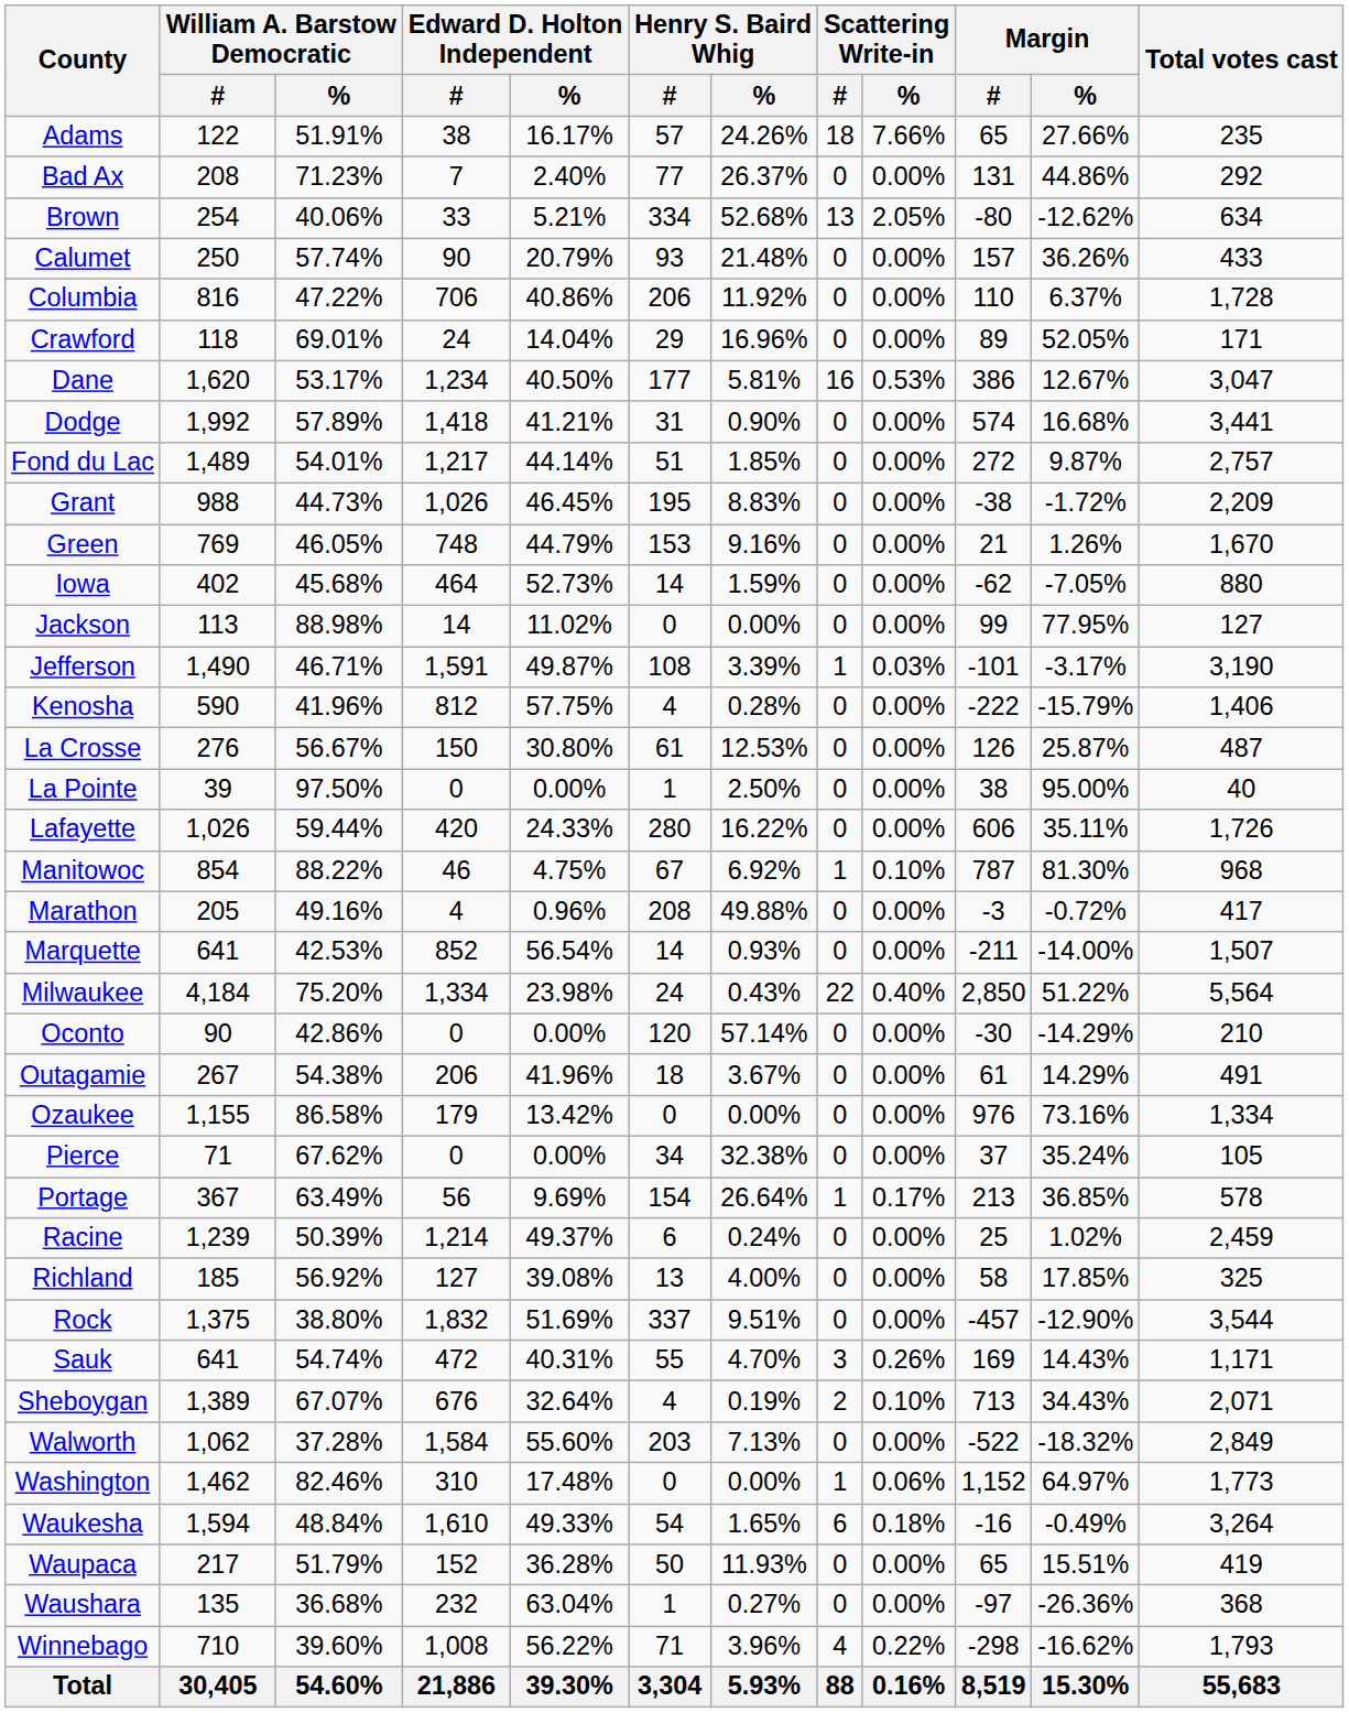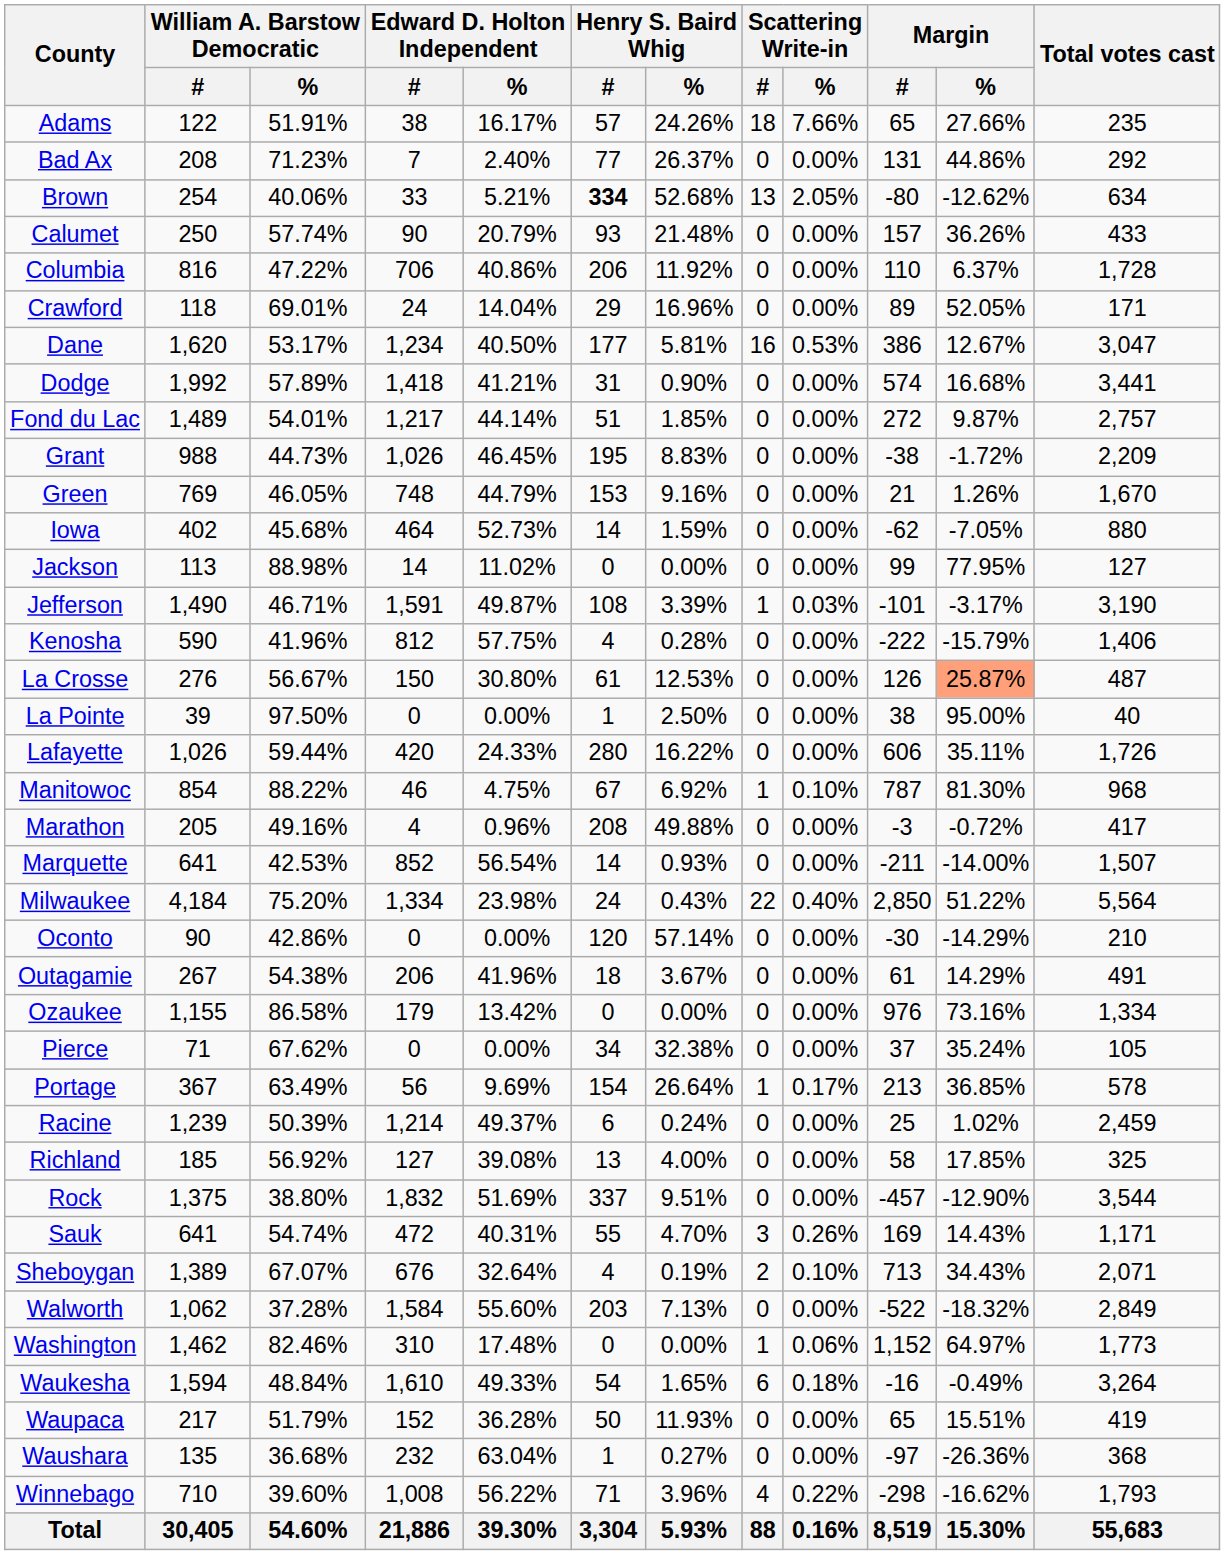 <table class="wikitable sortable" style="text-align:center">
 <tr>
 <th rowspan="2" style="text-align:center;">County</th>
 <th colspan="2" style="text-align:center;">William A. Barstow<br>Democratic</th>
 <th colspan="2" style="text-align:center;">Edward D. Holton<br>Independent</th>
 <th colspan="2" style="text-align:center;">Henry S. Baird<br>Whig</th>
 <th colspan="2" style="text-align:center;">Scattering<br>Write-in</th>
 <th colspan="2" style="text-align:center;">Margin</th>
 <th rowspan="2" style="text-align:center;">Total votes cast</th>
 </tr>
 <tr>
 <th style="text-align:center;" data-sort-type="number">#</th>
 <th style="text-align:center;" data-sort-type="number">%</th>
 <th style="text-align:center;" data-sort-type="number">#</th>
 <th style="text-align:center;" data-sort-type="number">%</th>
 <th style="text-align:center;" data-sort-type="number">#</th>
 <th style="text-align:center;" data-sort-type="number">%</th>
 <th style="text-align:center;" data-sort-type="number">#</th>
 <th style="text-align:center;" data-sort-type="number">%</th>
 <th style="text-align:center;" data-sort-type="number">#</th>
 <th style="text-align:center;" data-sort-type="number">%</th>
 </tr>
 <tr style="text-align:center;">
 <td><a href='#'>Adams</a></td>
 <td>122</td>
 <td>51.91%</td>
 <td>38</td>
 <td>16.17%</td>
 <td>57</td>
 <td>24.26%</td>
 <td>18</td>
 <td>7.66%</td>
 <td>65</td>
 <td>27.66%</td>
 <td>235</td>
 </tr>
 <tr style="text-align:center;">
 <td><a href='#'>Bad Ax</a></td>
 <td>208</td>
 <td>71.23%</td>
 <td>7</td>
 <td>2.40%</td>
 <td>77</td>
 <td>26.37%</td>
 <td>0</td>
 <td>0.00%</td>
 <td>131</td>
 <td>44.86%</td>
 <td>292</td>
 </tr>
 <tr style="text-align:center;">
 <td><a href='#'>Brown</a></td>
 <td>254</td>
 <td>40.06%</td>
 <td>33</td>
 <td>5.21%</td>
-<td>334</td>
+<td><strong>334</strong></td>
 <td>52.68%</td>
 <td>13</td>
 <td>2.05%</td>
 <td>-80</td>
 <td>-12.62%</td>
 <td>634</td>
 </tr>
 <tr style="text-align:center;">
 <td><a href='#'>Calumet</a></td>
 <td>250</td>
 <td>57.74%</td>
 <td>90</td>
 <td>20.79%</td>
 <td>93</td>
 <td>21.48%</td>
 <td>0</td>
 <td>0.00%</td>
 <td>157</td>
 <td>36.26%</td>
 <td>433</td>
 </tr>
 <tr style="text-align:center;">
 <td><a href='#'>Columbia</a></td>
 <td>816</td>
 <td>47.22%</td>
 <td>706</td>
 <td>40.86%</td>
 <td>206</td>
 <td>11.92%</td>
 <td>0</td>
 <td>0.00%</td>
 <td>110</td>
 <td>6.37%</td>
 <td>1,728</td>
 </tr>
 <tr style="text-align:center;">
 <td><a href='#'>Crawford</a></td>
 <td>118</td>
 <td>69.01%</td>
 <td>24</td>
 <td>14.04%</td>
 <td>29</td>
 <td>16.96%</td>
 <td>0</td>
 <td>0.00%</td>
 <td>89</td>
 <td>52.05%</td>
 <td>171</td>
 </tr>
 <tr style="text-align:center;">
 <td><a href='#'>Dane</a></td>
 <td>1,620</td>
 <td>53.17%</td>
 <td>1,234</td>
 <td>40.50%</td>
 <td>177</td>
 <td>5.81%</td>
 <td>16</td>
 <td>0.53%</td>
 <td>386</td>
 <td>12.67%</td>
 <td>3,047</td>
 </tr>
 <tr style="text-align:center;">
 <td><a href='#'>Dodge</a></td>
 <td>1,992</td>
 <td>57.89%</td>
 <td>1,418</td>
 <td>41.21%</td>
 <td>31</td>
 <td>0.90%</td>
 <td>0</td>
 <td>0.00%</td>
 <td>574</td>
 <td>16.68%</td>
 <td>3,441</td>
 </tr>
 <tr style="text-align:center;">
 <td><a href='#'>Fond du Lac</a></td>
 <td>1,489</td>
 <td>54.01%</td>
 <td>1,217</td>
 <td>44.14%</td>
 <td>51</td>
 <td>1.85%</td>
 <td>0</td>
 <td>0.00%</td>
 <td>272</td>
 <td>9.87%</td>
 <td>2,757</td>
 </tr>
 <tr style="text-align:center;">
 <td><a href='#'>Grant</a></td>
 <td>988</td>
 <td>44.73%</td>
 <td>1,026</td>
 <td>46.45%</td>
 <td>195</td>
 <td>8.83%</td>
 <td>0</td>
 <td>0.00%</td>
 <td>-38</td>
 <td>-1.72%</td>
 <td>2,209</td>
 </tr>
 <tr style="text-align:center;">
 <td><a href='#'>Green</a></td>
 <td>769</td>
 <td>46.05%</td>
 <td>748</td>
 <td>44.79%</td>
 <td>153</td>
 <td>9.16%</td>
 <td>0</td>
 <td>0.00%</td>
 <td>21</td>
 <td>1.26%</td>
 <td>1,670</td>
 </tr>
 <tr style="text-align:center;">
 <td><a href='#'>Iowa</a></td>
 <td>402</td>
 <td>45.68%</td>
 <td>464</td>
 <td>52.73%</td>
 <td>14</td>
 <td>1.59%</td>
 <td>0</td>
 <td>0.00%</td>
 <td>-62</td>
 <td>-7.05%</td>
 <td>880</td>
 </tr>
 <tr style="text-align:center;">
 <td><a href='#'>Jackson</a></td>
 <td>113</td>
 <td>88.98%</td>
 <td>14</td>
 <td>11.02%</td>
 <td>0</td>
 <td>0.00%</td>
 <td>0</td>
 <td>0.00%</td>
 <td>99</td>
 <td>77.95%</td>
 <td>127</td>
 </tr>
 <tr style="text-align:center;">
 <td><a href='#'>Jefferson</a></td>
 <td>1,490</td>
 <td>46.71%</td>
 <td>1,591</td>
 <td>49.87%</td>
 <td>108</td>
 <td>3.39%</td>
 <td>1</td>
 <td>0.03%</td>
 <td>-101</td>
 <td>-3.17%</td>
 <td>3,190</td>
 </tr>
 <tr style="text-align:center;">
 <td><a href='#'>Kenosha</a></td>
 <td>590</td>
 <td>41.96%</td>
 <td>812</td>
 <td>57.75%</td>
 <td>4</td>
 <td>0.28%</td>
 <td>0</td>
 <td>0.00%</td>
 <td>-222</td>
 <td>-15.79%</td>
 <td>1,406</td>
 </tr>
 <tr style="text-align:center;">
 <td><a href='#'>La Crosse</a></td>
 <td>276</td>
 <td>56.67%</td>
 <td>150</td>
 <td>30.80%</td>
 <td>61</td>
 <td>12.53%</td>
 <td>0</td>
 <td>0.00%</td>
 <td>126</td>
-<td>25.87%</td>
+<td style="background: lightsalmon;">25.87%</td>
 <td>487</td>
 </tr>
 <tr style="text-align:center;">
 <td><a href='#'>La Pointe</a></td>
 <td>39</td>
 <td>97.50%</td>
 <td>0</td>
 <td>0.00%</td>
 <td>1</td>
 <td>2.50%</td>
 <td>0</td>
 <td>0.00%</td>
 <td>38</td>
 <td>95.00%</td>
 <td>40</td>
 </tr>
 <tr style="text-align:center;">
 <td><a href='#'>Lafayette</a></td>
 <td>1,026</td>
 <td>59.44%</td>
 <td>420</td>
 <td>24.33%</td>
 <td>280</td>
 <td>16.22%</td>
 <td>0</td>
 <td>0.00%</td>
 <td>606</td>
 <td>35.11%</td>
 <td>1,726</td>
 </tr>
 <tr style="text-align:center;">
 <td><a href='#'>Manitowoc</a></td>
 <td>854</td>
 <td>88.22%</td>
 <td>46</td>
 <td>4.75%</td>
 <td>67</td>
 <td>6.92%</td>
 <td>1</td>
 <td>0.10%</td>
 <td>787</td>
 <td>81.30%</td>
 <td>968</td>
 </tr>
 <tr style="text-align:center;">
 <td><a href='#'>Marathon</a></td>
 <td>205</td>
 <td>49.16%</td>
 <td>4</td>
 <td>0.96%</td>
 <td>208</td>
 <td>49.88%</td>
 <td>0</td>
 <td>0.00%</td>
 <td>-3</td>
 <td>-0.72%</td>
 <td>417</td>
 </tr>
 <tr style="text-align:center;">
 <td><a href='#'>Marquette</a></td>
 <td>641</td>
 <td>42.53%</td>
 <td>852</td>
 <td>56.54%</td>
 <td>14</td>
 <td>0.93%</td>
 <td>0</td>
 <td>0.00%</td>
 <td>-211</td>
 <td>-14.00%</td>
 <td>1,507</td>
 </tr>
 <tr style="text-align:center;">
 <td><a href='#'>Milwaukee</a></td>
 <td>4,184</td>
 <td>75.20%</td>
 <td>1,334</td>
 <td>23.98%</td>
 <td>24</td>
 <td>0.43%</td>
 <td>22</td>
 <td>0.40%</td>
 <td>2,850</td>
 <td>51.22%</td>
 <td>5,564</td>
 </tr>
 <tr style="text-align:center;">
 <td><a href='#'>Oconto</a></td>
 <td>90</td>
 <td>42.86%</td>
 <td>0</td>
 <td>0.00%</td>
 <td>120</td>
 <td>57.14%</td>
 <td>0</td>
 <td>0.00%</td>
 <td>-30</td>
 <td>-14.29%</td>
 <td>210</td>
 </tr>
 <tr style="text-align:center;">
 <td><a href='#'>Outagamie</a></td>
 <td>267</td>
 <td>54.38%</td>
 <td>206</td>
 <td>41.96%</td>
 <td>18</td>
 <td>3.67%</td>
 <td>0</td>
 <td>0.00%</td>
 <td>61</td>
 <td>14.29%</td>
 <td>491</td>
 </tr>
 <tr style="text-align:center;">
 <td><a href='#'>Ozaukee</a></td>
 <td>1,155</td>
 <td>86.58%</td>
 <td>179</td>
 <td>13.42%</td>
 <td>0</td>
 <td>0.00%</td>
 <td>0</td>
 <td>0.00%</td>
 <td>976</td>
 <td>73.16%</td>
 <td>1,334</td>
 </tr>
 <tr style="text-align:center;">
 <td><a href='#'>Pierce</a></td>
 <td>71</td>
 <td>67.62%</td>
 <td>0</td>
 <td>0.00%</td>
 <td>34</td>
 <td>32.38%</td>
 <td>0</td>
 <td>0.00%</td>
 <td>37</td>
 <td>35.24%</td>
 <td>105</td>
 </tr>
 <tr style="text-align:center;">
 <td><a href='#'>Portage</a></td>
 <td>367</td>
 <td>63.49%</td>
 <td>56</td>
 <td>9.69%</td>
 <td>154</td>
 <td>26.64%</td>
 <td>1</td>
 <td>0.17%</td>
 <td>213</td>
 <td>36.85%</td>
 <td>578</td>
 </tr>
 <tr style="text-align:center;">
 <td><a href='#'>Racine</a></td>
 <td>1,239</td>
 <td>50.39%</td>
 <td>1,214</td>
 <td>49.37%</td>
 <td>6</td>
 <td>0.24%</td>
 <td>0</td>
 <td>0.00%</td>
 <td>25</td>
 <td>1.02%</td>
 <td>2,459</td>
 </tr>
 <tr style="text-align:center;">
 <td><a href='#'>Richland</a></td>
 <td>185</td>
 <td>56.92%</td>
 <td>127</td>
 <td>39.08%</td>
 <td>13</td>
 <td>4.00%</td>
 <td>0</td>
 <td>0.00%</td>
 <td>58</td>
 <td>17.85%</td>
 <td>325</td>
 </tr>
 <tr style="text-align:center;">
 <td><a href='#'>Rock</a></td>
 <td>1,375</td>
 <td>38.80%</td>
 <td>1,832</td>
 <td>51.69%</td>
 <td>337</td>
 <td>9.51%</td>
 <td>0</td>
 <td>0.00%</td>
 <td>-457</td>
 <td>-12.90%</td>
 <td>3,544</td>
 </tr>
 <tr style="text-align:center;">
 <td><a href='#'>Sauk</a></td>
 <td>641</td>
 <td>54.74%</td>
 <td>472</td>
 <td>40.31%</td>
 <td>55</td>
 <td>4.70%</td>
 <td>3</td>
 <td>0.26%</td>
 <td>169</td>
 <td>14.43%</td>
 <td>1,171</td>
 </tr>
 <tr style="text-align:center;">
 <td><a href='#'>Sheboygan</a></td>
 <td>1,389</td>
 <td>67.07%</td>
 <td>676</td>
 <td>32.64%</td>
 <td>4</td>
 <td>0.19%</td>
 <td>2</td>
 <td>0.10%</td>
 <td>713</td>
 <td>34.43%</td>
 <td>2,071</td>
 </tr>
 <tr style="text-align:center;">
 <td><a href='#'>Walworth</a></td>
 <td>1,062</td>
 <td>37.28%</td>
 <td>1,584</td>
 <td>55.60%</td>
 <td>203</td>
 <td>7.13%</td>
 <td>0</td>
 <td>0.00%</td>
 <td>-522</td>
 <td>-18.32%</td>
 <td>2,849</td>
 </tr>
 <tr style="text-align:center;">
 <td><a href='#'>Washington</a></td>
 <td>1,462</td>
 <td>82.46%</td>
 <td>310</td>
 <td>17.48%</td>
 <td>0</td>
 <td>0.00%</td>
 <td>1</td>
 <td>0.06%</td>
 <td>1,152</td>
 <td>64.97%</td>
 <td>1,773</td>
 </tr>
 <tr style="text-align:center;">
 <td><a href='#'>Waukesha</a></td>
 <td>1,594</td>
 <td>48.84%</td>
 <td>1,610</td>
 <td>49.33%</td>
 <td>54</td>
 <td>1.65%</td>
 <td>6</td>
 <td>0.18%</td>
 <td>-16</td>
 <td>-0.49%</td>
 <td>3,264</td>
 </tr>
 <tr style="text-align:center;">
 <td><a href='#'>Waupaca</a></td>
 <td>217</td>
 <td>51.79%</td>
 <td>152</td>
 <td>36.28%</td>
 <td>50</td>
 <td>11.93%</td>
 <td>0</td>
 <td>0.00%</td>
 <td>65</td>
 <td>15.51%</td>
 <td>419</td>
 </tr>
 <tr style="text-align:center;">
 <td><a href='#'>Waushara</a></td>
 <td>135</td>
 <td>36.68%</td>
 <td>232</td>
 <td>63.04%</td>
 <td>1</td>
 <td>0.27%</td>
 <td>0</td>
 <td>0.00%</td>
 <td>-97</td>
 <td>-26.36%</td>
 <td>368</td>
 </tr>
 <tr style="text-align:center;">
 <td><a href='#'>Winnebago</a></td>
 <td>710</td>
 <td>39.60%</td>
 <td>1,008</td>
 <td>56.22%</td>
 <td>71</td>
 <td>3.96%</td>
 <td>4</td>
 <td>0.22%</td>
 <td>-298</td>
 <td>-16.62%</td>
 <td>1,793</td>
 </tr>
 <tr>
 <th>Total</th>
 <th>30,405</th>
 <th>54.60%</th>
 <th>21,886</th>
 <th>39.30%</th>
 <th>3,304</th>
 <th>5.93%</th>
 <th>88</th>
 <th>0.16%</th>
 <th>8,519</th>
 <th>15.30%</th>
 <th>55,683</th>
 </tr>
 </table>
